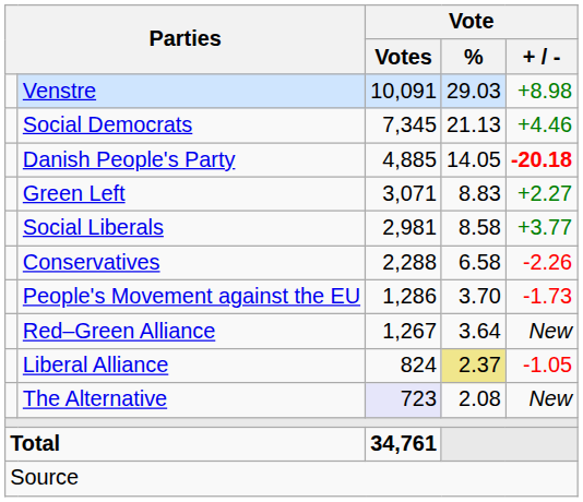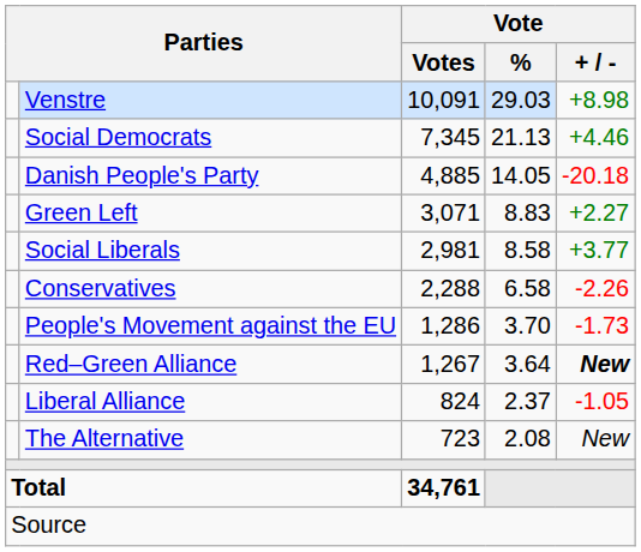 <table class="wikitable" style="text-align:right;">
 <tr>
 <th style="text-align:centre;" rowspan="2" colspan="2" width="225">Parties</th>
 <th colspan="3">Vote</th>
 </tr>
 <tr>
 <th width="15">Votes</th>
 <th width="15">%</th>
 <th width="15">+ / -</th>
 </tr>
 <tr>
 <td width="2" style="color:inherit;background:"></td>
 <td bgcolor=#cfe5fe   align="left"><a href='#'>Venstre</a></td>
 <td bgcolor=#cfe5fe>10,091</td>
 <td bgcolor=#cfe5fe>29.03</td>
 <td style=color:green;>+8.98</td>
 </tr>
 <tr>
 <td width="2" style="color:inherit;background:"></td>
 <td align="left"><a href='#'>Social Democrats</a></td>
 <td>7,345</td>
 <td>21.13</td>
 <td style=color:green;>+4.46</td>
 </tr>
 <tr>
 <td width="2" style="color:inherit;background:"></td>
 <td align="left"><a href='#'>Danish People's Party</a></td>
 <td>4,885</td>
 <td>14.05</td>
-<td style=color:red;><strong>-20.18</strong></td>
+<td style=color:red;>-20.18</td>
 </tr>
 <tr>
 <td width="2" style="color:inherit;background:"></td>
 <td align="left"><a href='#'>Green Left</a></td>
 <td>3,071</td>
 <td>8.83</td>
 <td style=color:green;>+2.27</td>
 </tr>
 <tr>
 <td width="2" style="color:inherit;background:"></td>
 <td align="left"><a href='#'>Social Liberals</a></td>
 <td>2,981</td>
 <td>8.58</td>
 <td style=color:green;>+3.77</td>
 </tr>
 <tr>
 <td width="2" style="color:inherit;background:"></td>
 <td align="left"><a href='#'>Conservatives</a></td>
 <td>2,288</td>
 <td>6.58</td>
 <td style=color:red;>-2.26</td>
 </tr>
 <tr>
 <td width="2" style="color:inherit;background:"></td>
 <td align="left"><a href='#'>People's Movement against the EU</a></td>
 <td>1,286</td>
 <td>3.70</td>
 <td style=color:red;>-1.73</td>
 </tr>
 <tr>
 <td width="2" style="color:inherit;background:"></td>
 <td align="left"><a href='#'>Red–Green Alliance</a></td>
 <td>1,267</td>
 <td>3.64</td>
-<td><em>New</em></td>
+<td><strong><em>New</em></strong></td>
 </tr>
 <tr>
 <td width="2" style="color:inherit;background:"></td>
 <td align="left"><a href='#'>Liberal Alliance</a></td>
 <td>824</td>
-<td style="background: khaki;">2.37</td>
+<td>2.37</td>
 <td style=color:red;>-1.05</td>
 </tr>
 <tr>
 <td width="2" style="color:inherit;background:"></td>
 <td align="left"><a href='#'>The Alternative</a></td>
-<td style="background: lavender;">723</td>
+<td>723</td>
 <td>2.08</td>
 <td><em>New</em></td>
 </tr>
 <tr>
 <td colspan="7" bgcolor="#E9E9E9"></td>
 </tr>
 <tr>
 <td align="left" colspan="2"><strong>Total</strong></td>
 <td><strong>34,761</strong></td>
 <td bgcolor="#E9E9E9" colspan="2"></td>
 </tr>
 <tr>
 <td align="left" colspan="6">Source</td>
 </tr>
 </table>
